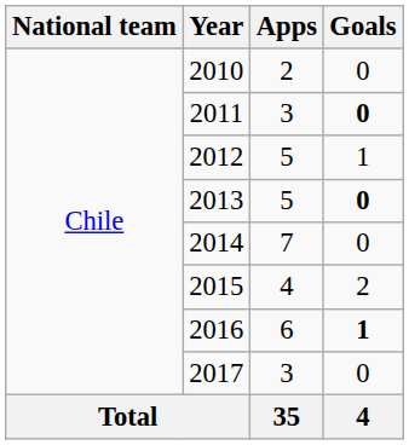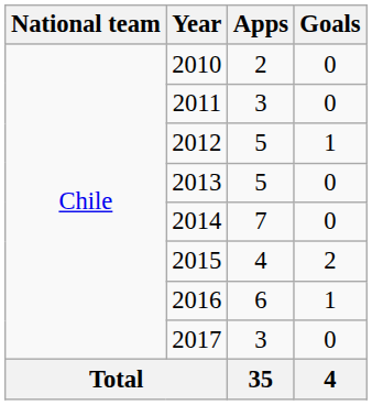 <table class=wikitable style=text-align:center>
 <tr>
 <th>National team</th>
 <th>Year</th>
 <th>Apps</th>
 <th>Goals</th>
 </tr>
 <tr>
 <td rowspan="8"><a href='#'>Chile</a></td>
 <td>2010</td>
 <td>2</td>
 <td>0</td>
 </tr>
 <tr>
 <td>2011</td>
 <td>3</td>
-<td><strong>0</strong></td>
+<td>0</td>
 </tr>
 <tr>
 <td>2012</td>
 <td>5</td>
 <td>1</td>
 </tr>
 <tr>
 <td>2013</td>
 <td>5</td>
-<td><strong>0</strong></td>
+<td>0</td>
 </tr>
 <tr>
 <td>2014</td>
 <td>7</td>
 <td>0</td>
 </tr>
 <tr>
 <td>2015</td>
 <td>4</td>
 <td>2</td>
 </tr>
 <tr>
 <td>2016</td>
 <td>6</td>
-<td><strong>1</strong></td>
+<td>1</td>
 </tr>
 <tr>
 <td>2017</td>
 <td>3</td>
 <td>0</td>
 </tr>
 <tr>
 <th colspan="2">Total</th>
 <th>35</th>
 <th>4</th>
 </tr>
 </table>
